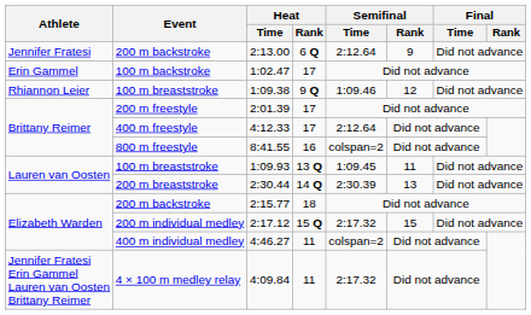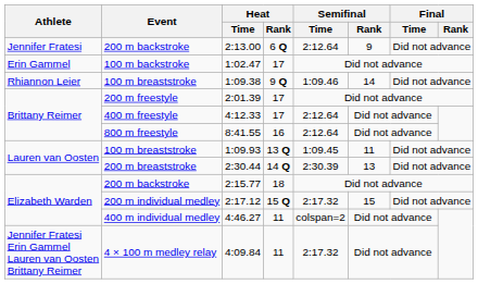 <table class=wikitable style="font-size:90%">
 <tr>
 <th rowspan=2>Athlete</th>
 <th rowspan=2>Event</th>
 <th colspan="2">Heat</th>
 <th colspan="2">Semifinal</th>
 <th colspan="2">Final</th>
 </tr>
 <tr style="font-size:95%">
 <th>Time</th>
 <th>Rank</th>
 <th>Time</th>
 <th>Rank</th>
 <th>Time</th>
 <th>Rank</th>
 </tr>
 <tr align=center>
 <td align=left><a href='#'>Jennifer Fratesi</a></td>
 <td align=left><a href='#'>200 m backstroke</a></td>
 <td>2:13.00</td>
 <td>6 <strong>Q</strong></td>
 <td>2:12.64</td>
 <td>9</td>
 <td colspan=2>Did not advance</td>
 </tr>
 <tr align=center>
 <td align=left><a href='#'>Erin Gammel</a></td>
 <td align=left><a href='#'>100 m backstroke</a></td>
 <td>1:02.47</td>
 <td>17</td>
 <td colspan=4>Did not advance</td>
 </tr>
 <tr align=center>
 <td align=left><a href='#'>Rhiannon Leier</a></td>
 <td align=left><a href='#'>100 m breaststroke</a></td>
 <td>1:09.38</td>
 <td>9 <strong>Q</strong></td>
 <td>1:09.46</td>
-<td>12</td>
+<td>14</td>
 <td colspan=2>Did not advance</td>
 </tr>
 <tr align=center>
 <td align=left rowspan=3><a href='#'>Brittany Reimer</a></td>
 <td align=left><a href='#'>200 m freestyle</a></td>
 <td>2:01.39</td>
 <td>17</td>
 <td colspan=4>Did not advance</td>
 </tr>
 <tr align=center>
 <td align=left><a href='#'>400 m freestyle</a></td>
 <td>4:12.33</td>
 <td>17</td>
 <td>2:12.64</td>
 <td colspan=2>Did not advance</td>
 </tr>
 <tr align=center>
 <td align=left><a href='#'>800 m freestyle</a></td>
 <td>8:41.55</td>
 <td>16</td>
-<td>colspan=2 </td>
+<td>2:12.64</td>
 <td colspan=2>Did not advance</td>
 </tr>
 <tr align=center>
 <td align=left rowspan=2><a href='#'>Lauren van Oosten</a></td>
 <td align=left><a href='#'>100 m breaststroke</a></td>
 <td>1:09.93</td>
 <td>13 <strong>Q</strong></td>
 <td>1:09.45</td>
 <td>11</td>
 <td colspan=2>Did not advance</td>
 </tr>
 <tr align=center>
 <td align=left><a href='#'>200 m breaststroke</a></td>
 <td>2:30.44</td>
 <td>14 <strong>Q</strong></td>
 <td>2:30.39</td>
 <td>13</td>
 <td colspan=2>Did not advance</td>
 </tr>
 <tr align=center>
 <td align=left rowspan=3><a href='#'>Elizabeth Warden</a></td>
 <td align=left><a href='#'>200 m backstroke</a></td>
 <td>2:15.77</td>
 <td>18</td>
 <td colspan=4>Did not advance</td>
 </tr>
 <tr align=center>
 <td align=left><a href='#'>200 m individual medley</a></td>
 <td>2:17.12</td>
 <td>15 <strong>Q</strong></td>
 <td>2:17.32</td>
 <td>15</td>
 <td colspan=2>Did not advance</td>
 </tr>
 <tr align=center>
 <td align=left><a href='#'>400 m individual medley</a></td>
 <td>4:46.27</td>
 <td>11</td>
 <td>colspan=2 </td>
 <td colspan=2>Did not advance</td>
 </tr>
 <tr align=center>
 <td align=left><a href='#'>Jennifer Fratesi</a><br><a href='#'>Erin Gammel</a><br><a href='#'>Lauren van Oosten</a><br><a href='#'>Brittany Reimer</a></td>
 <td align=left><a href='#'>4 × 100 m medley relay</a></td>
 <td>4:09.84</td>
 <td>11</td>
 <td>2:17.32</td>
 <td colspan=2>Did not advance</td>
 </tr>
 </table>
